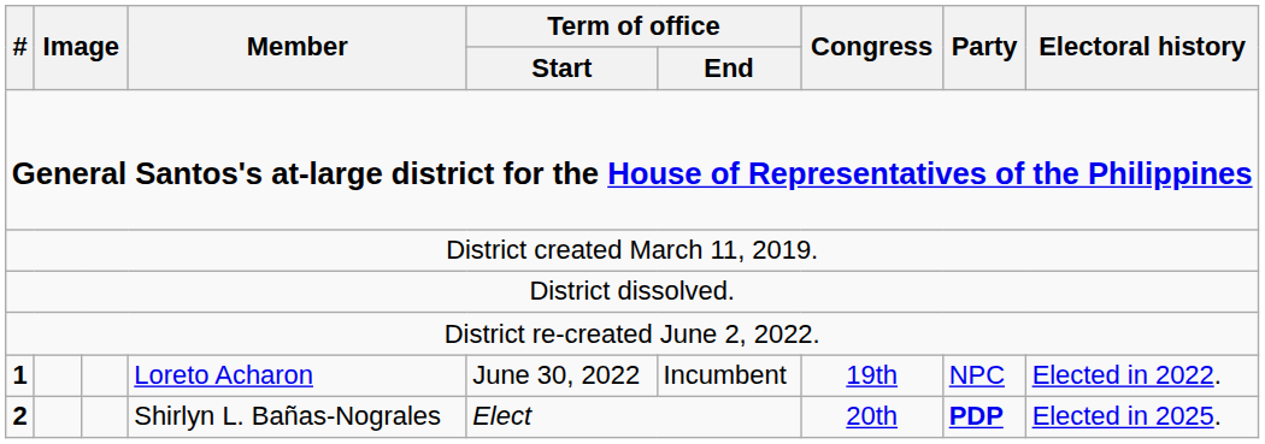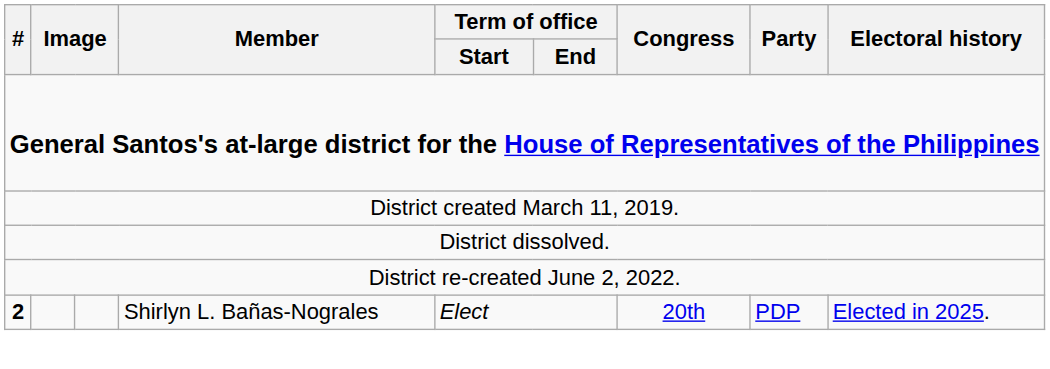 <table class=wikitable>
 <tr>
 <th rowspan="2">#</th>
 <th rowspan="2" colspan=2>Image</th>
 <th rowspan="2">Member</th>
 <th colspan=2>Term of office</th>
 <th rowspan="2">Congress</th>
 <th rowspan="2">Party</th>
 <th rowspan="2">Electoral history</th>
 </tr>
 <tr>
 <th>Start</th>
 <th>End</th>
 </tr>
 <tr>
 <td colspan="9" style="text-align:center;"><br><h3>General Santos's at-large district for the <a href='#'>House of Representatives of the Philippines</a></h3></td>
 </tr>
 <tr>
 <td colspan="9" style="text-align:center;">District created March 11, 2019.</td>
 </tr>
 <tr>
 <td colspan="9" style="text-align:center;">District dissolved.</td>
 </tr>
 <tr>
 <td colspan="9" style="text-align:center;">District re-created June 2, 2022.</td>
 </tr>
 <tr>
-<td style="text-align:center;"><strong>1</strong></td>
-<td style="color:inherit;background:"></td>
-<td></td>
-<td><a href='#'>Loreto Acharon</a></td>
-<td>June 30, 2022</td>
-<td>Incumbent</td>
-<td style="text-align:center;"><a href='#'>19th</a></td>
-<td><a href='#'>NPC</a></td>
-<td><a href='#'>Elected in 2022</a>.</td>
-</tr>
-<tr>
 <td style="text-align:center;"><strong>2</strong></td>
 <td style="color:inherit;background:"></td>
 <td></td>
 <td>Shirlyn L. Bañas-Nograles<br></td>
 <td colspan="2"><em> Elect</em></td>
 <td style="text-align:center;"><a href='#'>20th</a></td>
-<td><strong><a href='#'>PDP</a></strong></td>
+<td><a href='#'>PDP</a></td>
 <td><a href='#'>Elected in 2025</a>.</td>
 </tr>
 </table>
